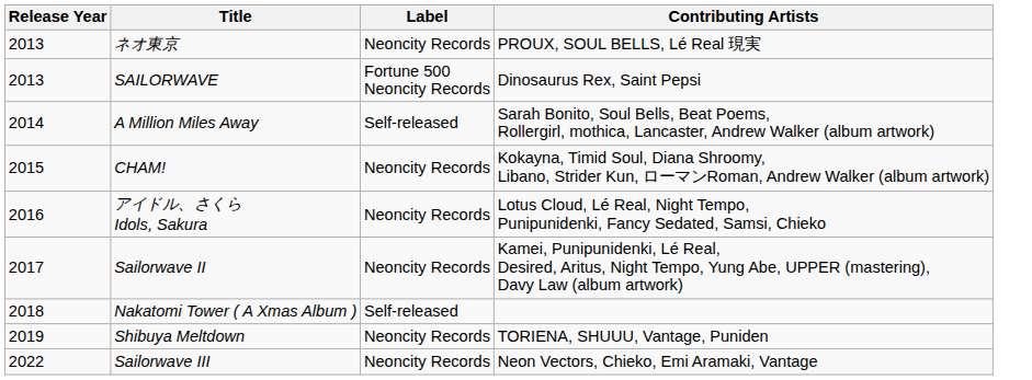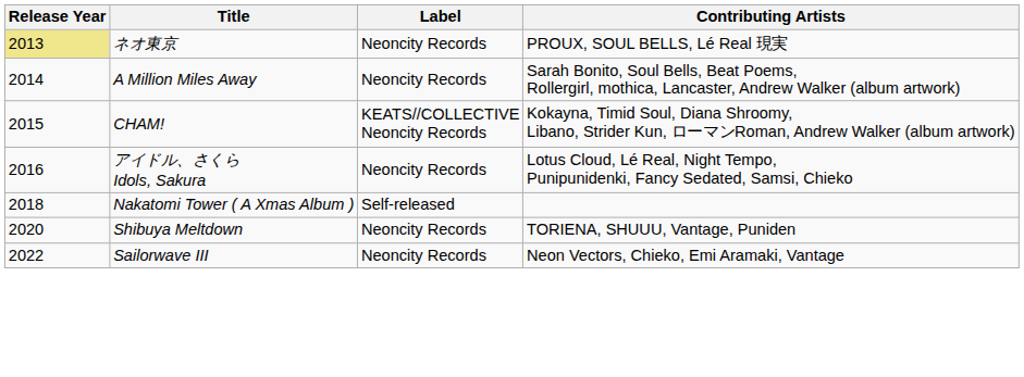 <table class="wikitable mw-collapsible">
 <tr>
 <th>Release Year</th>
 <th>Title</th>
 <th>Label</th>
 <th>Contributing Artists</th>
 </tr>
 <tr>
-<td>2013</td>
+<td style="background: khaki;">2013</td>
 <td><em>ネオ東京</em></td>
 <td>Neoncity Records</td>
 <td>PROUX, SOUL BELLS, Lé Real 現実</td>
 </tr>
 <tr>
-<td>2013</td>
-<td><em>SAILORWAVE</em></td>
-<td>Fortune 500<br>Neoncity Records</td>
-<td>Dinosaurus Rex, Saint Pepsi</td>
-</tr>
-<tr>
 <td>2014</td>
 <td><em>A Million Miles Away</em></td>
-<td>Self-released</td>
+<td>Neoncity Records</td>
 <td>Sarah Bonito, Soul Bells, Beat Poems,<br>Rollergirl, mothica, Lancaster, Andrew Walker (album artwork)</td>
 </tr>
 <tr>
 <td>2015</td>
 <td><em>CHAM!</em></td>
-<td>Neoncity Records</td>
+<td>KEATS//COLLECTIVE<br>Neoncity Records</td>
 <td>Kokayna, Timid Soul, Diana Shroomy,<br>Libano, Strider Kun, ロ​ー​マ​ン​Roman, Andrew Walker (album artwork)</td>
 </tr>
 <tr>
 <td>2016</td>
 <td><em>ア​イ​ド​ル​、​さ​く​ら</em><br><em>Idols, Sakura</em></td>
 <td>Neoncity Records</td>
 <td>Lotus Cloud, Lé Real, Night Tempo,<br>Punipunidenki, Fancy Sedated,  Samsi, Chieko</td>
 </tr>
 <tr>
-<td>2017</td>
-<td><em>Sailorwave II</em></td>
-<td>Neoncity Records</td>
-<td>Kamei, Punipunidenki, Lé Real,<br>Desired, Aritus, Night Tempo, Yung Abe, UPPER (mastering),<br>Davy Law (album artwork)</td>
-</tr>
-<tr>
 <td>2018</td>
 <td><em>Nakatomi Tower ( A Xmas Album )</em></td>
 <td>Self-released</td>
 <td></td>
 </tr>
 <tr>
-<td>2019</td>
+<td>2020</td>
 <td><em>Shibuya Meltdown</em></td>
 <td>Neoncity Records</td>
 <td>TORIENA, SHUUU, Vantage, Puniden</td>
 </tr>
 <tr>
 <td>2022</td>
 <td><em>Sailorwave III</em></td>
 <td>Neoncity Records</td>
 <td>Neon Vectors, Chieko, Emi Aramaki, Vantage</td>
 </tr>
 </table>
